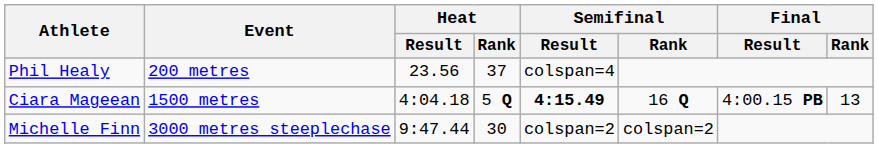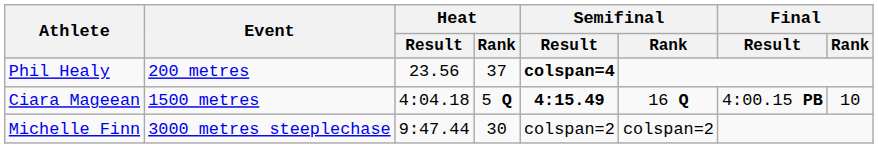 <table class="wikitable" style="font-size:90%">
 <tr>
 <th rowspan="2">Athlete</th>
 <th rowspan="2">Event</th>
 <th colspan="2">Heat</th>
 <th colspan="2">Semifinal</th>
 <th colspan="2">Final</th>
 </tr>
 <tr style="font-size:95%">
 <th>Result</th>
 <th>Rank</th>
 <th>Result</th>
 <th>Rank</th>
 <th>Result</th>
 <th>Rank</th>
 </tr>
 <tr style=text-align:center>
 <td style=text-align:left><a href='#'>Phil Healy</a></td>
 <td style=text-align:left><a href='#'>200 metres</a></td>
 <td>23.56</td>
 <td>37</td>
-<td>colspan=4 </td>
+<td><strong>colspan=4 </strong></td>
 </tr>
 <tr style=text-align:center>
 <td style=text-align:left><a href='#'>Ciara Mageean</a></td>
 <td style=text-align:left><a href='#'>1500 metres</a></td>
 <td>4:04.18</td>
 <td>5 <strong>Q</strong></td>
 <td><strong>4:15.49</strong></td>
 <td>16 <strong>Q</strong></td>
 <td>4:00.15 <strong>PB</strong></td>
-<td>13</td>
+<td>10</td>
 </tr>
 <tr style=text-align:center>
 <td style=text-align:left><a href='#'>Michelle Finn</a></td>
 <td style=text-align:left><a href='#'>3000 metres steeplechase</a></td>
 <td>9:47.44</td>
 <td>30</td>
 <td>colspan=2</td>
 <td>colspan=2 </td>
 </tr>
 </table>
